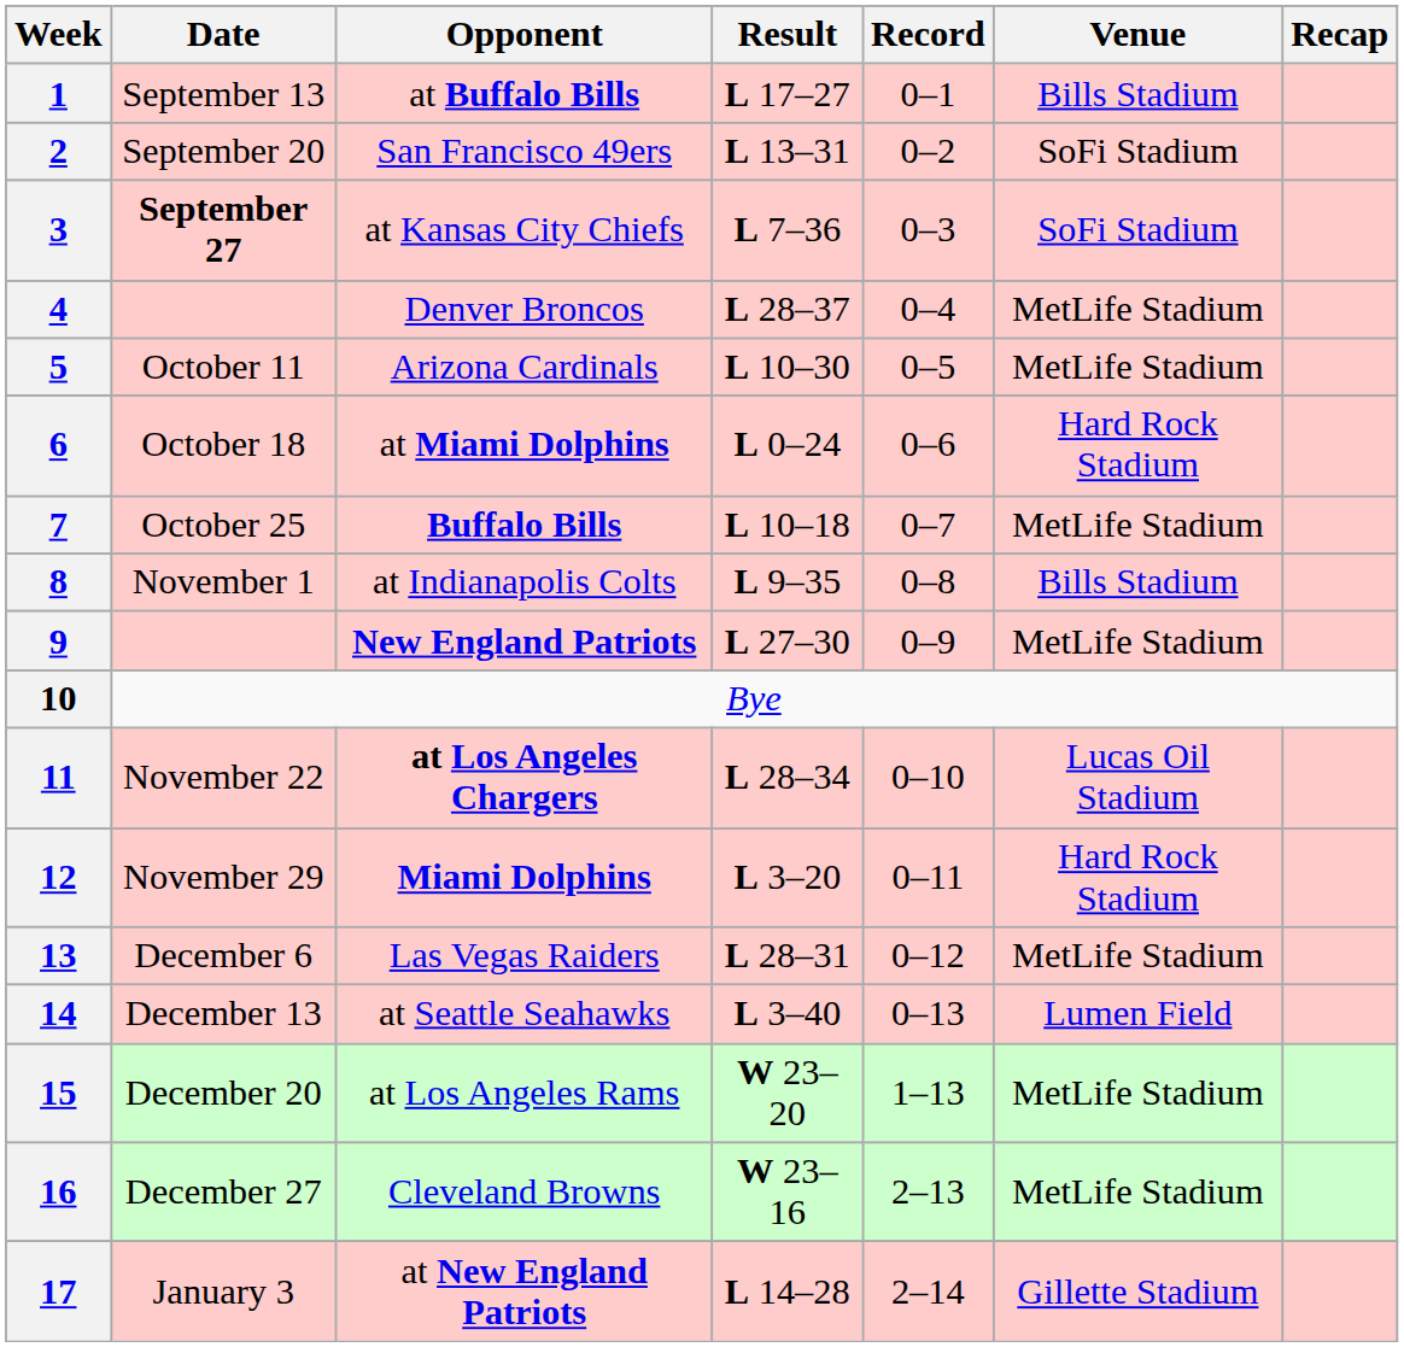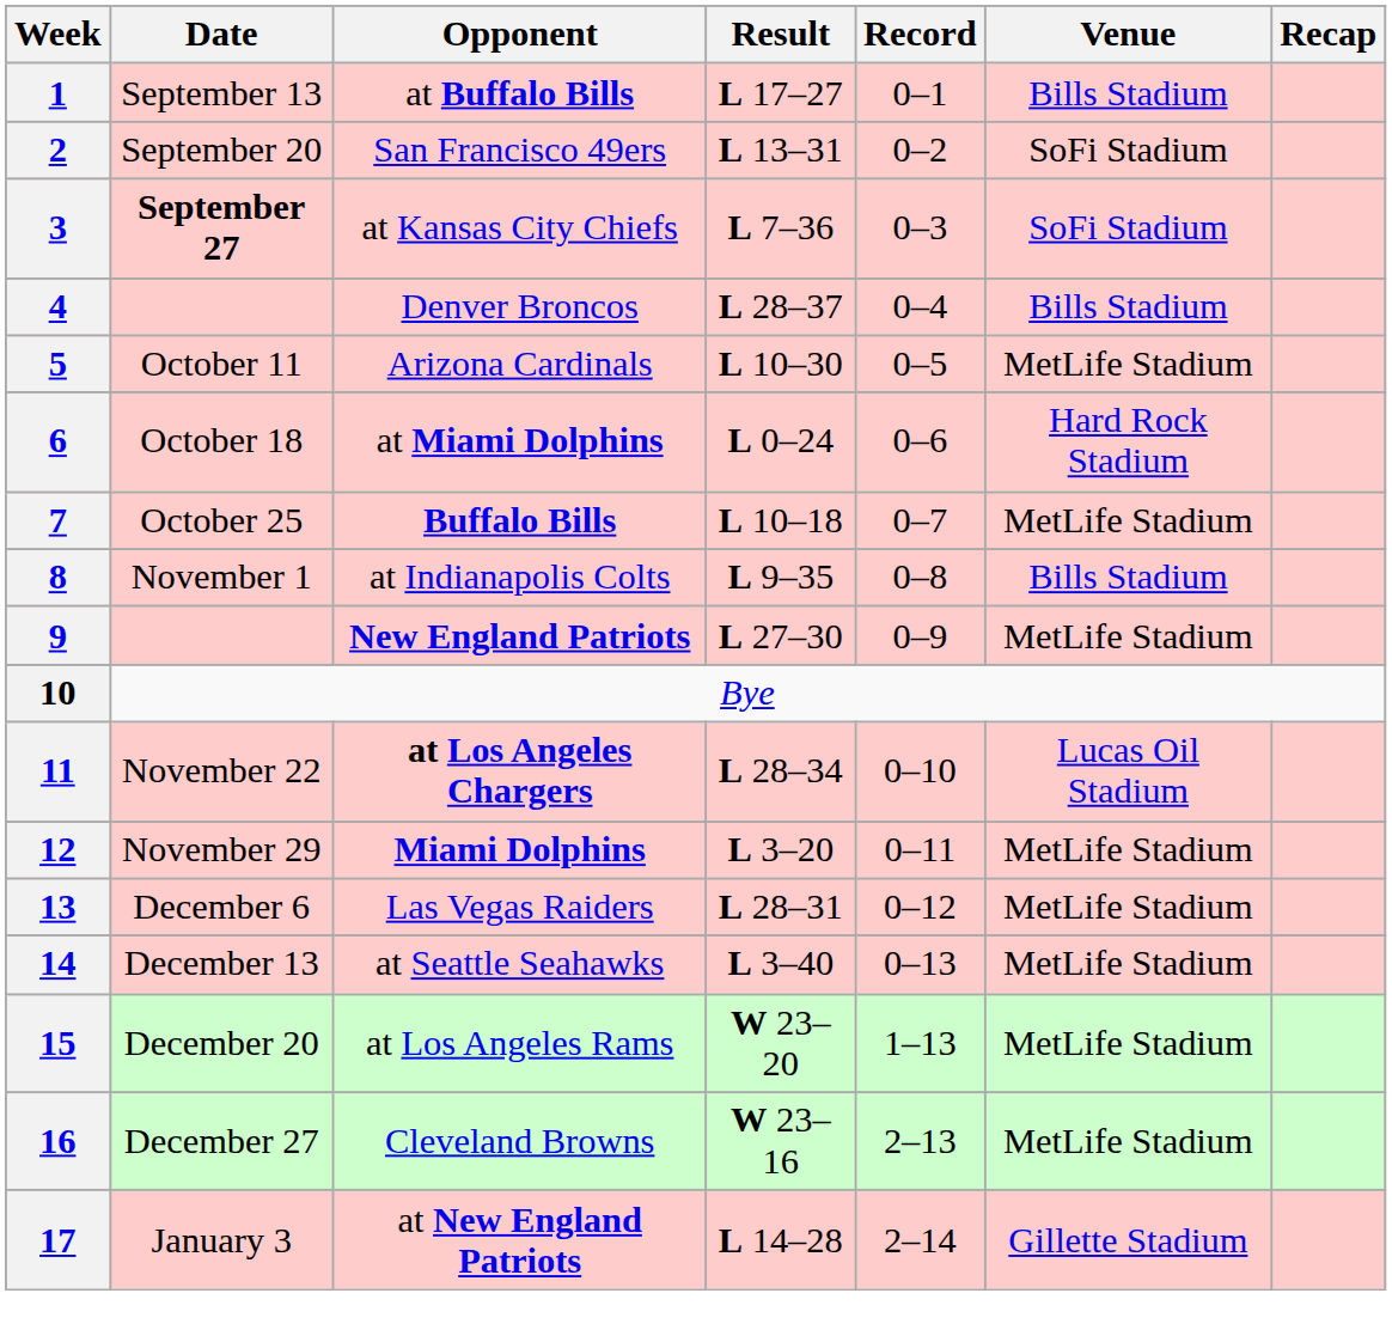 <table class="wikitable" style="text-align:center">
 <tr>
 <th>Week</th>
 <th>Date</th>
 <th>Opponent</th>
 <th>Result</th>
 <th>Record</th>
 <th>Venue</th>
 <th>Recap</th>
 </tr>
 <tr style="background:#fcc">
 <th><a href='#'>1</a></th>
 <td>September 13</td>
 <td>at <strong><a href='#'>Buffalo Bills</a></strong></td>
 <td><strong>L</strong> 17–27</td>
 <td>0–1</td>
 <td><a href='#'>Bills Stadium</a></td>
 <td></td>
 </tr>
 <tr style="background:#fcc">
 <th><a href='#'>2</a></th>
 <td>September 20</td>
 <td><a href='#'>San Francisco 49ers</a></td>
 <td><strong>L</strong> 13–31</td>
 <td>0–2</td>
 <td>SoFi Stadium</td>
 <td></td>
 </tr>
 <tr style="background:#fcc">
 <th><a href='#'>3</a></th>
 <td><strong>September 27</strong></td>
 <td>at <a href='#'>Kansas City Chiefs</a></td>
 <td><strong>L</strong> 7–36</td>
 <td>0–3</td>
 <td><a href='#'>SoFi Stadium</a></td>
 <td></td>
 </tr>
 <tr style="background:#fcc">
 <th><a href='#'>4</a></th>
 <td></td>
 <td><a href='#'>Denver Broncos</a></td>
 <td><strong>L</strong> 28–37</td>
 <td>0–4</td>
-<td>MetLife Stadium</td>
+<td><a href='#'>Bills Stadium</a></td>
 <td></td>
 </tr>
 <tr style="background:#fcc">
 <th><a href='#'>5</a></th>
 <td>October 11</td>
 <td><a href='#'>Arizona Cardinals</a></td>
 <td><strong>L</strong> 10–30</td>
 <td>0–5</td>
 <td>MetLife Stadium</td>
 <td></td>
 </tr>
 <tr style="background:#fcc">
 <th><a href='#'>6</a></th>
 <td>October 18</td>
 <td>at <strong><a href='#'>Miami Dolphins</a></strong></td>
 <td><strong>L</strong> 0–24</td>
 <td>0–6</td>
 <td><a href='#'>Hard Rock Stadium</a></td>
 <td></td>
 </tr>
 <tr style="background:#fcc">
 <th><a href='#'>7</a></th>
 <td>October 25</td>
 <td><strong><a href='#'>Buffalo Bills</a></strong></td>
 <td><strong>L</strong> 10–18</td>
 <td>0–7</td>
 <td>MetLife Stadium</td>
 <td></td>
 </tr>
 <tr style="background:#fcc">
 <th><a href='#'>8</a></th>
 <td>November 1</td>
 <td>at <a href='#'>Indianapolis Colts</a></td>
 <td><strong>L</strong> 9–35</td>
 <td>0–8</td>
 <td><a href='#'>Bills Stadium</a></td>
 <td></td>
 </tr>
 <tr style="background:#fcc">
 <th><a href='#'>9</a></th>
 <td></td>
 <td><strong><a href='#'>New England Patriots</a></strong></td>
 <td><strong>L</strong> 27–30</td>
 <td>0–9</td>
 <td>MetLife Stadium</td>
 <td></td>
 </tr>
 <tr>
 <th>10</th>
 <td colspan="6"><em><a href='#'>Bye</a></em></td>
 </tr>
 <tr style="background:#fcc">
 <th><a href='#'>11</a></th>
 <td>November 22</td>
 <td><strong>at <a href='#'>Los Angeles Chargers</a></strong></td>
 <td><strong>L</strong> 28–34</td>
 <td>0–10</td>
 <td><a href='#'>Lucas Oil Stadium</a></td>
 <td></td>
 </tr>
 <tr style="background:#fcc">
 <th><a href='#'>12</a></th>
 <td>November 29</td>
 <td><strong><a href='#'>Miami Dolphins</a></strong></td>
 <td><strong>L</strong> 3–20</td>
 <td>0–11</td>
-<td><a href='#'>Hard Rock Stadium</a></td>
+<td>MetLife Stadium</td>
 <td></td>
 </tr>
 <tr style="background:#fcc">
 <th><a href='#'>13</a></th>
 <td>December 6</td>
 <td><a href='#'>Las Vegas Raiders</a></td>
 <td><strong>L</strong> 28–31</td>
 <td>0–12</td>
 <td>MetLife Stadium</td>
 <td></td>
 </tr>
 <tr style="background:#fcc">
 <th><a href='#'>14</a></th>
 <td>December 13</td>
 <td>at <a href='#'>Seattle Seahawks</a></td>
 <td><strong>L</strong> 3–40</td>
 <td>0–13</td>
-<td><a href='#'>Lumen Field</a></td>
+<td>MetLife Stadium</td>
 <td></td>
 </tr>
 <tr style="background:#cfc">
 <th><a href='#'>15</a></th>
 <td>December 20</td>
 <td>at <a href='#'>Los Angeles Rams</a></td>
 <td><strong>W</strong> 23–20</td>
 <td>1–13</td>
 <td>MetLife Stadium</td>
 <td></td>
 </tr>
 <tr style="background:#cfc">
 <th><a href='#'>16</a></th>
 <td>December 27</td>
 <td><a href='#'>Cleveland Browns</a></td>
 <td><strong>W</strong> 23–16</td>
 <td>2–13</td>
 <td>MetLife Stadium</td>
 <td></td>
 </tr>
 <tr style="background:#fcc">
 <th><a href='#'>17</a></th>
 <td>January 3</td>
 <td>at <strong><a href='#'>New England Patriots</a></strong></td>
 <td><strong>L</strong> 14–28</td>
 <td>2–14</td>
 <td><a href='#'>Gillette Stadium</a></td>
 <td></td>
 </tr>
 </table>
